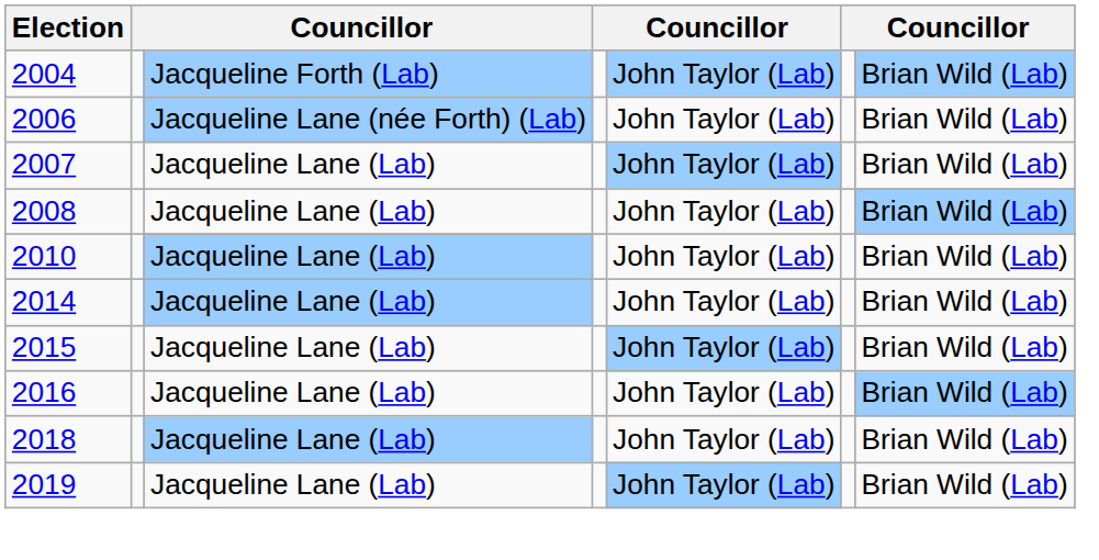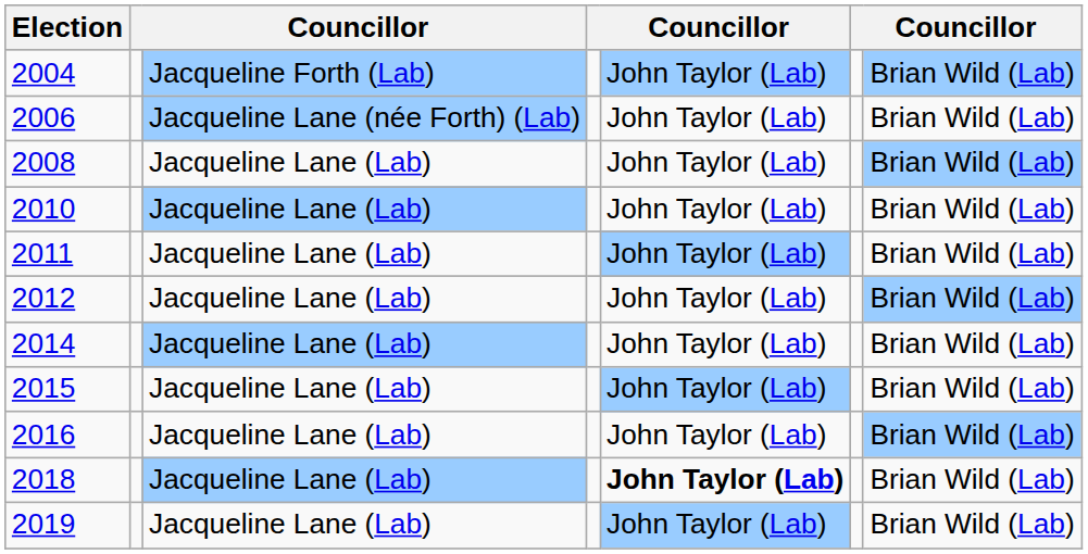 <table class="wikitable">
 <tr>
 <th>Election</th>
 <th colspan="2">Councillor</th>
 <th colspan="2">Councillor</th>
 <th colspan="2">Councillor</th>
 </tr>
 <tr>
 <td><a href='#'>2004</a></td>
 <td style="background-color: "></td>
 <td bgcolor="#99CCFF">Jacqueline Forth (<a href='#'>Lab</a>)</td>
 <td style="background-color: "></td>
 <td bgcolor="#99CCFF">John Taylor (<a href='#'>Lab</a>)</td>
 <td style="background-color: "></td>
 <td bgcolor="#99CCFF">Brian Wild (<a href='#'>Lab</a>)</td>
 </tr>
 <tr>
 <td><a href='#'>2006</a></td>
 <td style="background-color: "></td>
 <td bgcolor="#99CCFF">Jacqueline Lane (née Forth) (<a href='#'>Lab</a>)</td>
 <td style="background-color: "></td>
 <td>John Taylor (<a href='#'>Lab</a>)</td>
 <td style="background-color: "></td>
 <td>Brian Wild (<a href='#'>Lab</a>)</td>
 </tr>
 <tr>
-<td><a href='#'>2007</a></td>
-<td style="background-color: "></td>
-<td>Jacqueline Lane (<a href='#'>Lab</a>)</td>
-<td style="background-color: "></td>
-<td bgcolor="#99CCFF">John Taylor (<a href='#'>Lab</a>)</td>
-<td style="background-color: "></td>
-<td>Brian Wild (<a href='#'>Lab</a>)</td>
-</tr>
-<tr>
 <td><a href='#'>2008</a></td>
 <td style="background-color: "></td>
 <td>Jacqueline Lane (<a href='#'>Lab</a>)</td>
 <td style="background-color: "></td>
 <td>John Taylor (<a href='#'>Lab</a>)</td>
 <td style="background-color: "></td>
 <td bgcolor="#99CCFF">Brian Wild (<a href='#'>Lab</a>)</td>
 </tr>
 <tr>
 <td><a href='#'>2010</a></td>
 <td style="background-color: "></td>
 <td bgcolor="#99CCFF">Jacqueline Lane (<a href='#'>Lab</a>)</td>
 <td style="background-color: "></td>
 <td>John Taylor (<a href='#'>Lab</a>)</td>
 <td style="background-color: "></td>
 <td>Brian Wild (<a href='#'>Lab</a>)</td>
+</tr>
+<tr>
+<td><a href='#'>2011</a></td>
+<td style="background-color: "></td>
+<td>Jacqueline Lane (<a href='#'>Lab</a>)</td>
+<td style="background-color: "></td>
+<td bgcolor="#99CCFF">John Taylor (<a href='#'>Lab</a>)</td>
+<td style="background-color: "></td>
+<td>Brian Wild (<a href='#'>Lab</a>)</td>
+</tr>
+<tr>
+<td><a href='#'>2012</a></td>
+<td style="background-color: "></td>
+<td>Jacqueline Lane (<a href='#'>Lab</a>)</td>
+<td style="background-color: "></td>
+<td>John Taylor (<a href='#'>Lab</a>)</td>
+<td style="background-color: "></td>
+<td bgcolor="#99CCFF">Brian Wild (<a href='#'>Lab</a>)</td>
 </tr>
 <tr>
 <td><a href='#'>2014</a></td>
 <td style="background-color: "></td>
 <td bgcolor="#99CCFF">Jacqueline Lane (<a href='#'>Lab</a>)</td>
 <td style="background-color: "></td>
 <td>John Taylor (<a href='#'>Lab</a>)</td>
 <td style="background-color: "></td>
 <td>Brian Wild (<a href='#'>Lab</a>)</td>
 </tr>
 <tr>
 <td><a href='#'>2015</a></td>
 <td style="background-color: "></td>
 <td>Jacqueline Lane (<a href='#'>Lab</a>)</td>
 <td style="background-color: "></td>
 <td bgcolor="#99CCFF">John Taylor (<a href='#'>Lab</a>)</td>
 <td style="background-color: "></td>
 <td>Brian Wild (<a href='#'>Lab</a>)</td>
 </tr>
 <tr>
 <td><a href='#'>2016</a></td>
 <td style="background-color: "></td>
 <td>Jacqueline Lane (<a href='#'>Lab</a>)</td>
 <td style="background-color: "></td>
 <td>John Taylor (<a href='#'>Lab</a>)</td>
 <td style="background-color: "></td>
 <td bgcolor="#99CCFF">Brian Wild (<a href='#'>Lab</a>)</td>
 </tr>
 <tr>
 <td><a href='#'>2018</a></td>
 <td style="background-color: "></td>
 <td bgcolor="#99CCFF">Jacqueline Lane (<a href='#'>Lab</a>)</td>
 <td style="background-color: "></td>
-<td>John Taylor (<a href='#'>Lab</a>)</td>
+<td><strong>John Taylor (<a href='#'>Lab</a>)</strong></td>
 <td style="background-color: "></td>
 <td>Brian Wild (<a href='#'>Lab</a>)</td>
 </tr>
 <tr>
 <td><a href='#'>2019</a></td>
 <td style="background-color: "></td>
 <td>Jacqueline Lane (<a href='#'>Lab</a>)</td>
 <td style="background-color: "></td>
 <td bgcolor="#99CCFF">John Taylor (<a href='#'>Lab</a>)</td>
 <td style="background-color: "></td>
 <td>Brian Wild (<a href='#'>Lab</a>)</td>
 </tr>
 </table>
